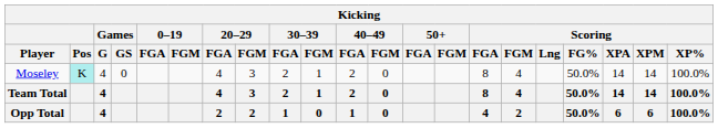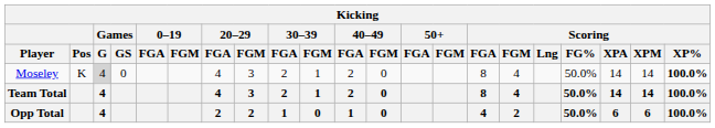 <table class="wikitable" style="text-align:center">
 <tr>
 <th colspan="21">Kicking</th>
 </tr>
 <tr>
 <th colspan="2"></th>
 <th colspan="2">Games</th>
 <th colspan="2">0–19</th>
 <th colspan="2">20–29</th>
 <th colspan="2">30–39</th>
 <th colspan="2">40–49</th>
 <th colspan="2">50+</th>
 <th colspan="7">Scoring</th>
 </tr>
 <tr>
 <th>Player</th>
 <th>Pos</th>
 <th>G</th>
 <th>GS</th>
 <th>FGA</th>
 <th>FGM</th>
 <th>FGA</th>
 <th>FGM</th>
 <th>FGA</th>
 <th>FGM</th>
 <th>FGA</th>
 <th>FGM</th>
 <th>FGA</th>
 <th>FGM</th>
 <th>FGA</th>
 <th>FGM</th>
 <th>Lng</th>
 <th>FG%</th>
 <th>XPA</th>
 <th>XPM</th>
 <th>XP%</th>
 </tr>
 <tr>
 <td><a href='#'>Moseley</a></td>
-<td style="background: paleturquoise;">K</td>
-<td>4</td>
+<td>K</td>
+<td style="background: lightgrey;">4</td>
 <td>0</td>
 <td></td>
 <td></td>
 <td>4</td>
 <td>3</td>
 <td>2</td>
 <td>1</td>
 <td>2</td>
 <td>0</td>
 <td></td>
 <td></td>
 <td>8</td>
 <td>4</td>
 <td></td>
 <td>50.0%</td>
 <td>14</td>
 <td>14</td>
-<td>100.0%</td>
+<td><strong>100.0%</strong></td>
 </tr>
 <tr>
 <th>Team Total</th>
 <th></th>
 <th>4</th>
 <th></th>
 <th></th>
 <th></th>
 <th>4</th>
 <th>3</th>
 <th>2</th>
 <th>1</th>
 <th>2</th>
 <th>0</th>
 <th></th>
 <th></th>
 <th>8</th>
 <th>4</th>
 <th></th>
 <th>50.0%</th>
 <th>14</th>
 <th>14</th>
 <th>100.0%</th>
 </tr>
 <tr>
 <th>Opp Total</th>
 <th></th>
 <th>4</th>
 <th></th>
 <th></th>
 <th></th>
 <th>2</th>
 <th>2</th>
 <th>1</th>
 <th>0</th>
 <th>1</th>
 <th>0</th>
 <th></th>
 <th></th>
 <th>4</th>
 <th>2</th>
 <th></th>
 <th>50.0%</th>
 <th>6</th>
 <th>6</th>
 <th>100.0%</th>
 </tr>
 </table>
